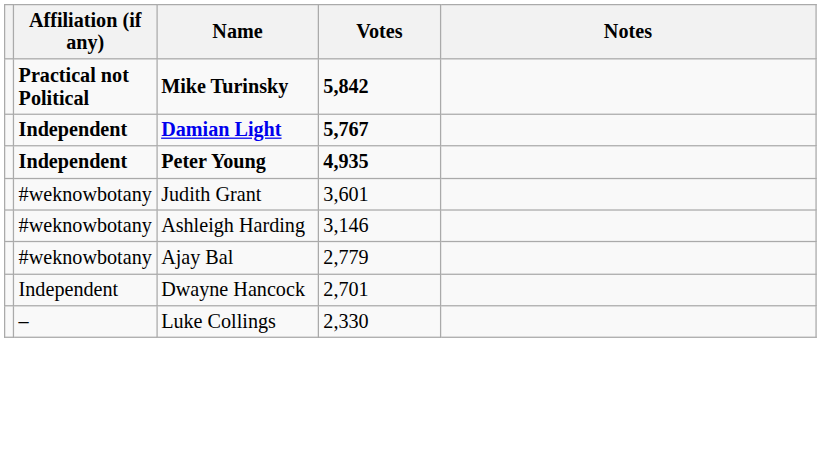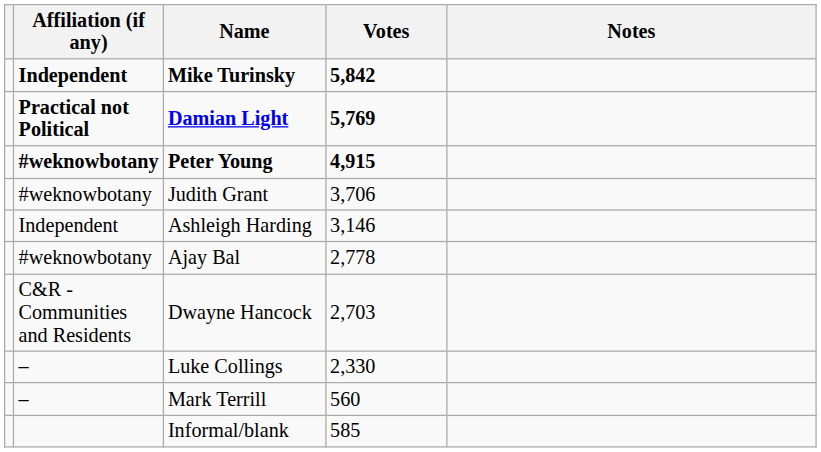 <table class="wikitable" style="width:51%;">
 <tr>
 <th style="width:1%;"></th>
 <th style="width:15%;">Affiliation (if any)</th>
 <th style="width:20%;">Name</th>
 <th style="width:15%;">Votes</th>
 <th>Notes</th>
 </tr>
 <tr>
 <td bgcolor=></td>
-<td><strong>Practical not Political</strong></td>
+<td><strong>Independent</strong></td>
 <td><strong>Mike Turinsky</strong></td>
 <td><strong>5,842</strong></td>
 <td></td>
 </tr>
 <tr>
 <td bgcolor=></td>
-<td><strong>Independent</strong></td>
+<td><strong>Practical not Political</strong></td>
 <td><strong><a href='#'>Damian Light</a></strong></td>
-<td><strong>5,767</strong></td>
+<td><strong>5,769</strong></td>
 <td></td>
 </tr>
 <tr>
 <td bgcolor=></td>
-<td><strong>Independent</strong></td>
+<td><strong>#weknowbotany</strong></td>
 <td><strong>Peter Young</strong></td>
-<td><strong>4,935</strong></td>
+<td><strong>4,915</strong></td>
 <td></td>
 </tr>
 <tr>
 <td bgcolor=></td>
 <td>#weknowbotany</td>
 <td>Judith Grant</td>
-<td>3,601</td>
+<td>3,706</td>
 <td></td>
 </tr>
 <tr>
 <td bgcolor=></td>
-<td>#weknowbotany</td>
+<td>Independent</td>
 <td>Ashleigh Harding</td>
 <td>3,146</td>
 <td></td>
 </tr>
 <tr>
 <td></td>
 <td>#weknowbotany</td>
 <td>Ajay Bal</td>
-<td>2,779</td>
+<td>2,778</td>
 <td></td>
 </tr>
 <tr>
 <td></td>
-<td>Independent</td>
+<td>C&R - Communities and Residents</td>
 <td>Dwayne Hancock</td>
-<td>2,701</td>
+<td>2,703</td>
 <td></td>
 </tr>
 <tr>
 <td bgcolor=></td>
 <td>–</td>
 <td>Luke Collings</td>
 <td>2,330</td>
 <td></td>
 </tr>
+<tr>
+<td bgcolor=></td>
+<td>–</td>
+<td>Mark Terrill</td>
+<td>560</td>
+<td></td>
+</tr>
+<tr>
+<td></td>
+<td></td>
+<td>Informal/blank</td>
+<td>585</td>
+<td></td>
+</tr>
 </table>
